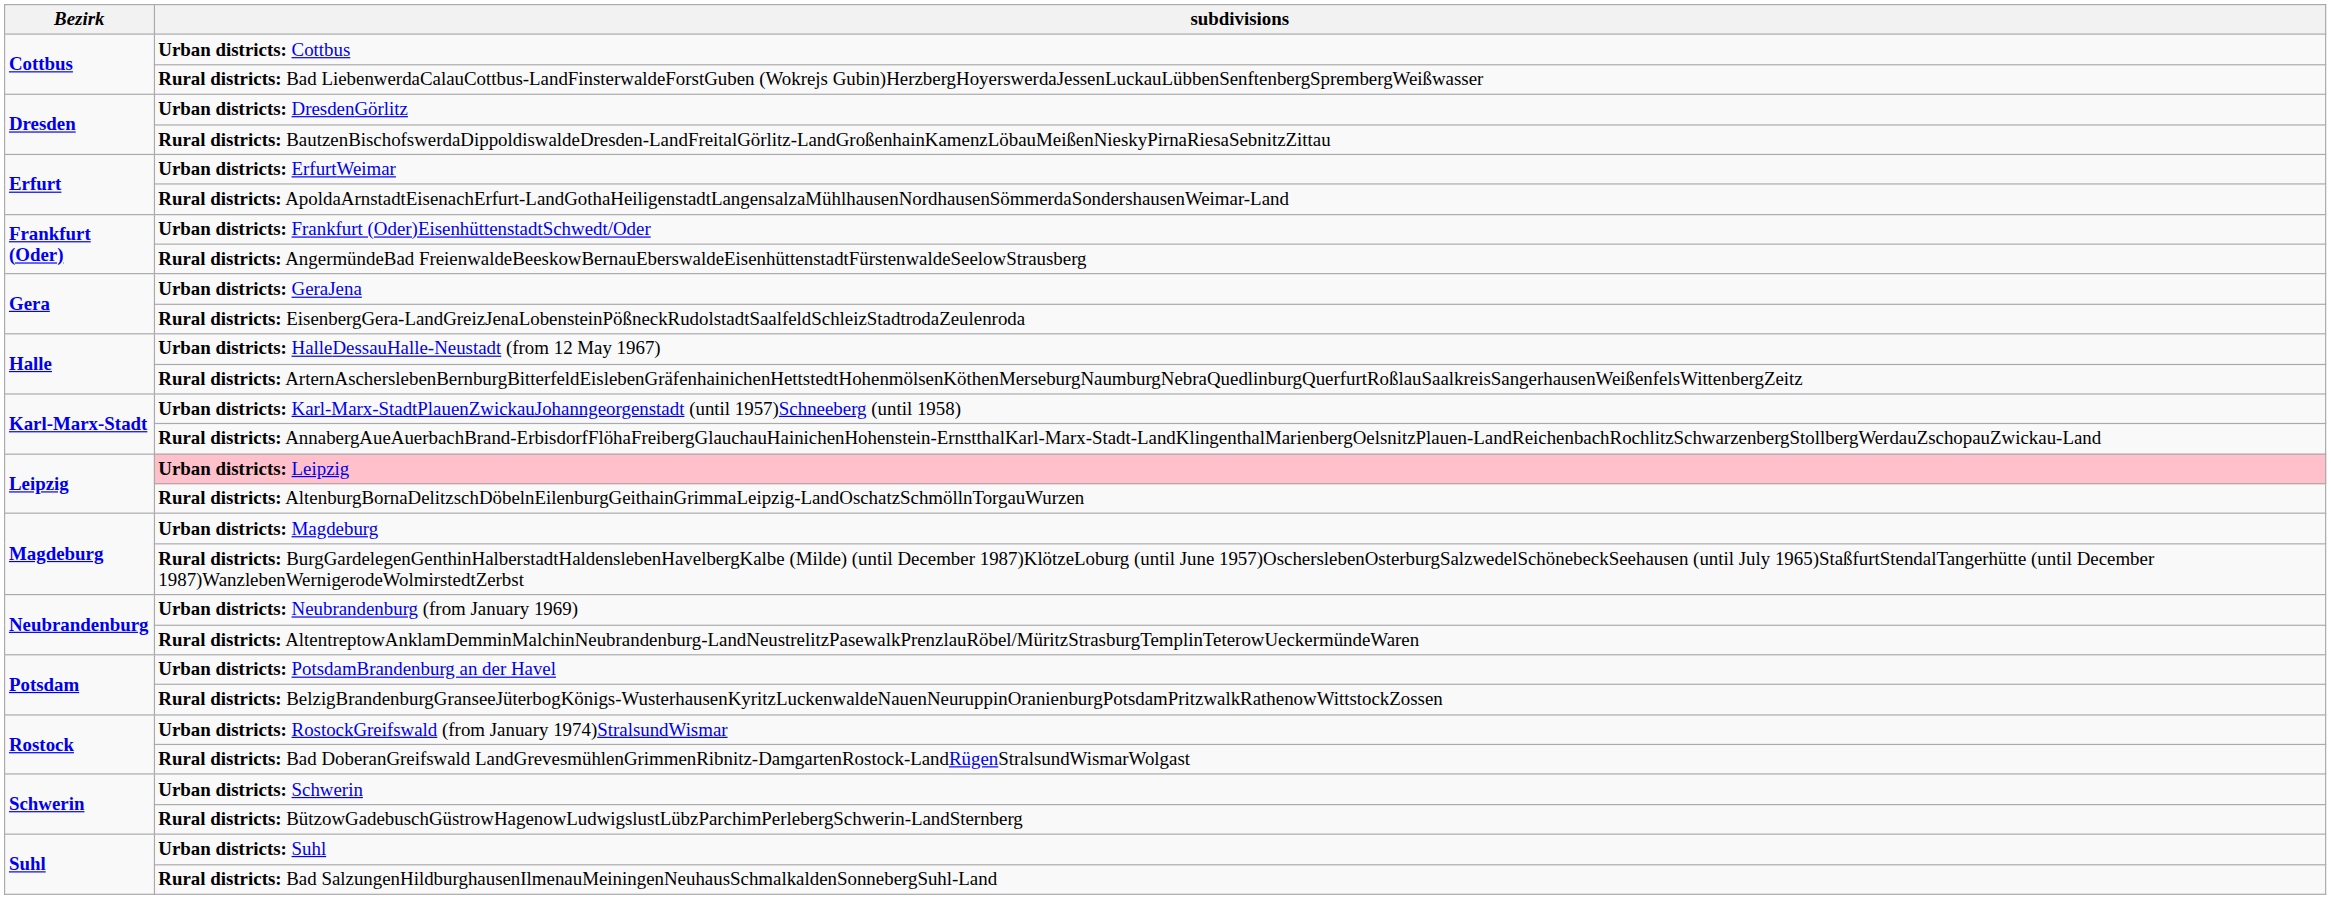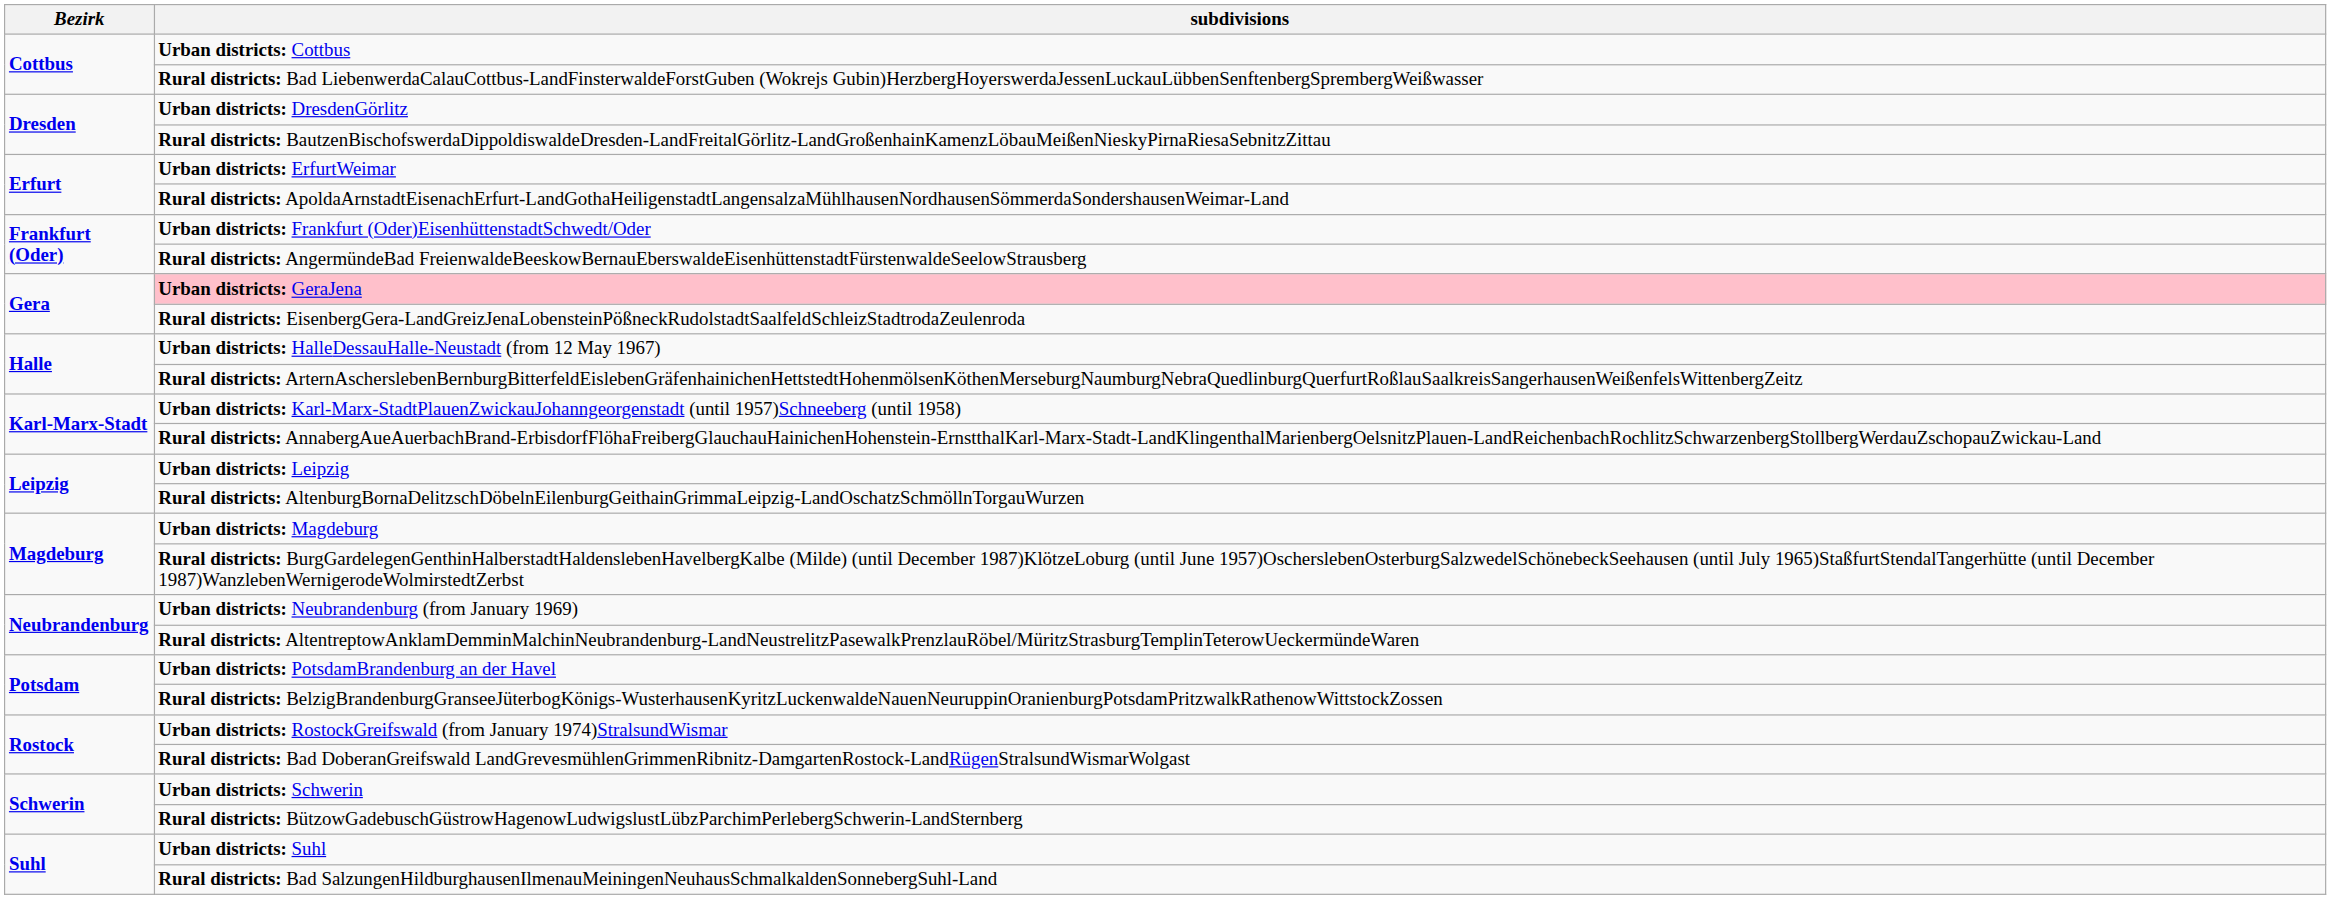 <table class="wikitable">
 <tr>
 <th><em>Bezirk</em></th>
 <th>subdivisions</th>
 </tr>
 <tr>
 <td rowspan="2"><strong><a href='#'>Cottbus</a></strong></td>
 <td><strong>Urban districts:</strong> <a href='#'>Cottbus</a></td>
 </tr>
 <tr>
 <td><strong>Rural districts:</strong> Bad LiebenwerdaCalauCottbus-LandFinsterwaldeForstGuben (Wokrejs Gubin)HerzbergHoyerswerdaJessenLuckauLübbenSenftenbergSprembergWeißwasser</td>
 </tr>
 <tr>
 <td rowspan="2"><strong><a href='#'>Dresden</a></strong></td>
 <td><strong>Urban districts:</strong> <a href='#'>Dresden</a><a href='#'>Görlitz</a></td>
 </tr>
 <tr>
 <td><strong>Rural districts:</strong> BautzenBischofswerdaDippoldiswaldeDresden-LandFreitalGörlitz-LandGroßenhainKamenzLöbauMeißenNieskyPirnaRiesaSebnitzZittau</td>
 </tr>
 <tr>
 <td rowspan="2"><strong><a href='#'>Erfurt</a></strong></td>
 <td><strong>Urban districts:</strong> <a href='#'>Erfurt</a><a href='#'>Weimar</a></td>
 </tr>
 <tr>
 <td><strong>Rural districts:</strong> ApoldaArnstadtEisenachErfurt-LandGothaHeiligenstadtLangensalzaMühlhausenNordhausenSömmerdaSondershausenWeimar-Land</td>
 </tr>
 <tr>
 <td rowspan="2"><strong><a href='#'>Frankfurt (Oder)</a></strong></td>
 <td><strong>Urban districts:</strong> <a href='#'>Frankfurt (Oder)</a><a href='#'>Eisenhüttenstadt</a><a href='#'>Schwedt/Oder</a></td>
 </tr>
 <tr>
 <td><strong>Rural districts:</strong> AngermündeBad FreienwaldeBeeskowBernauEberswaldeEisenhüttenstadtFürstenwaldeSeelowStrausberg</td>
 </tr>
 <tr>
 <td rowspan="2"><strong><a href='#'>Gera</a></strong></td>
-<td><strong>Urban districts:</strong> <a href='#'>Gera</a><a href='#'>Jena</a></td>
+<td style="background: pink;"><strong>Urban districts:</strong> <a href='#'>Gera</a><a href='#'>Jena</a></td>
 </tr>
 <tr>
 <td><strong>Rural districts:</strong> EisenbergGera-LandGreizJenaLobensteinPößneckRudolstadtSaalfeldSchleizStadtrodaZeulenroda</td>
 </tr>
 <tr>
 <td rowspan="2"><strong><a href='#'>Halle</a></strong></td>
 <td><strong>Urban districts:</strong> <a href='#'>Halle</a><a href='#'>Dessau</a><a href='#'>Halle-Neustadt</a> (from 12 May 1967)</td>
 </tr>
 <tr>
 <td><strong>Rural districts:</strong> ArternAscherslebenBernburgBitterfeldEislebenGräfenhainichenHettstedtHohenmölsenKöthenMerseburgNaumburgNebraQuedlinburgQuerfurtRoßlauSaalkreisSangerhausenWeißenfelsWittenbergZeitz</td>
 </tr>
 <tr>
 <td rowspan="2"><strong><a href='#'>Karl-Marx-Stadt</a></strong></td>
 <td><strong>Urban districts:</strong> <a href='#'>Karl-Marx-Stadt</a><a href='#'>Plauen</a><a href='#'>Zwickau</a><a href='#'>Johanngeorgenstadt</a> (until 1957)<a href='#'>Schneeberg</a> (until 1958)</td>
 </tr>
 <tr>
 <td><strong>Rural districts:</strong> AnnabergAueAuerbachBrand-ErbisdorfFlöhaFreibergGlauchauHainichenHohenstein-ErnstthalKarl-Marx-Stadt-LandKlingenthalMarienbergOelsnitzPlauen-LandReichenbachRochlitzSchwarzenbergStollbergWerdauZschopauZwickau-Land</td>
 </tr>
 <tr>
 <td rowspan="2"><strong><a href='#'>Leipzig</a></strong></td>
-<td style="background: pink;"><strong>Urban districts:</strong> <a href='#'>Leipzig</a></td>
+<td><strong>Urban districts:</strong> <a href='#'>Leipzig</a></td>
 </tr>
 <tr>
 <td><strong>Rural districts:</strong> AltenburgBornaDelitzschDöbelnEilenburgGeithainGrimmaLeipzig-LandOschatzSchmöllnTorgauWurzen</td>
 </tr>
 <tr>
 <td rowspan="2"><strong><a href='#'>Magdeburg</a></strong></td>
 <td><strong>Urban districts:</strong> <a href='#'>Magdeburg</a></td>
 </tr>
 <tr>
 <td><strong>Rural districts:</strong> BurgGardelegenGenthinHalberstadtHaldenslebenHavelbergKalbe (Milde) (until  December 1987)KlötzeLoburg (until June 1957)OscherslebenOsterburgSalzwedelSchönebeckSeehausen (until July 1965)StaßfurtStendalTangerhütte (until December 1987)WanzlebenWernigerodeWolmirstedtZerbst</td>
 </tr>
 <tr>
 <td rowspan="2"><strong><a href='#'>Neubrandenburg</a></strong></td>
 <td><strong>Urban districts:</strong> <a href='#'>Neubrandenburg</a> (from January 1969)</td>
 </tr>
 <tr>
 <td><strong>Rural districts:</strong> AltentreptowAnklamDemminMalchinNeubrandenburg-LandNeustrelitzPasewalkPrenzlauRöbel/MüritzStrasburgTemplinTeterowUeckermündeWaren</td>
 </tr>
 <tr>
 <td rowspan="2"><strong><a href='#'>Potsdam</a></strong></td>
 <td><strong>Urban districts:</strong>  <a href='#'>Potsdam</a><a href='#'>Brandenburg an der Havel</a></td>
 </tr>
 <tr>
 <td><strong>Rural districts:</strong> BelzigBrandenburgGranseeJüterbogKönigs-WusterhausenKyritzLuckenwaldeNauenNeuruppinOranienburgPotsdamPritzwalkRathenowWittstockZossen</td>
 </tr>
 <tr>
 <td rowspan="2"><strong><a href='#'>Rostock</a></strong></td>
 <td><strong>Urban districts:</strong>  <a href='#'>Rostock</a><a href='#'>Greifswald</a> (from January 1974)<a href='#'>Stralsund</a><a href='#'>Wismar</a></td>
 </tr>
 <tr>
 <td><strong>Rural districts:</strong> Bad DoberanGreifswald LandGrevesmühlenGrimmenRibnitz-DamgartenRostock-Land<a href='#'>Rügen</a>StralsundWismarWolgast</td>
 </tr>
 <tr>
 <td rowspan="2"><strong><a href='#'>Schwerin</a></strong></td>
 <td><strong>Urban districts:</strong>  <a href='#'>Schwerin</a></td>
 </tr>
 <tr>
 <td><strong>Rural districts:</strong> BützowGadebuschGüstrowHagenowLudwigslustLübzParchimPerlebergSchwerin-LandSternberg</td>
 </tr>
 <tr>
 <td rowspan="2"><strong><a href='#'>Suhl</a></strong></td>
 <td><strong>Urban districts:</strong> <a href='#'>Suhl</a></td>
 </tr>
 <tr>
 <td><strong>Rural districts:</strong> Bad SalzungenHildburghausenIlmenauMeiningenNeuhausSchmalkaldenSonnebergSuhl-Land</td>
 </tr>
 </table>
